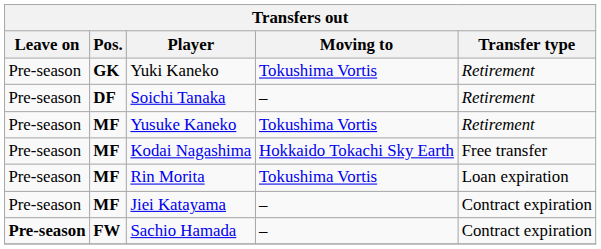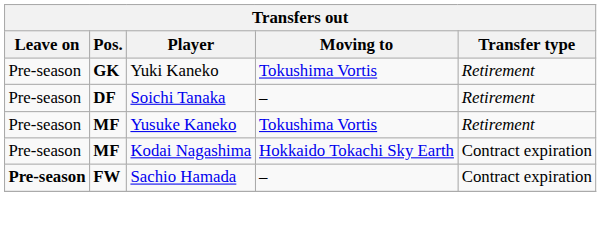 <table class="wikitable sortable" style=“text-align:left;>
 <tr>
 <th colspan="5">Transfers out</th>
 </tr>
 <tr>
 <th>Leave on</th>
 <th>Pos.</th>
 <th>Player</th>
 <th>Moving to</th>
 <th>Transfer type</th>
 </tr>
 <tr>
 <td>Pre-season</td>
 <td><strong>GK</strong></td>
 <td> Yuki Kaneko</td>
 <td> <a href='#'>Tokushima Vortis</a></td>
 <td><em>Retirement</em></td>
 </tr>
 <tr>
 <td>Pre-season</td>
 <td><strong>DF</strong></td>
 <td> <a href='#'>Soichi Tanaka</a></td>
 <td>–</td>
 <td><em>Retirement</em></td>
 </tr>
 <tr>
 <td>Pre-season</td>
 <td><strong>MF</strong></td>
 <td> <a href='#'>Yusuke Kaneko</a></td>
 <td> <a href='#'>Tokushima Vortis</a></td>
 <td><em>Retirement</em></td>
 </tr>
 <tr>
 <td>Pre-season</td>
 <td><strong>MF</strong></td>
 <td> <a href='#'>Kodai Nagashima</a></td>
 <td> <a href='#'>Hokkaido Tokachi Sky Earth</a></td>
-<td>Free transfer</td>
-</tr>
-<tr>
-<td>Pre-season</td>
-<td><strong>MF</strong></td>
-<td> <a href='#'>Rin Morita</a></td>
-<td> <a href='#'>Tokushima Vortis</a></td>
-<td>Loan expiration</td>
-</tr>
-<tr>
-<td>Pre-season</td>
-<td><strong>MF</strong></td>
-<td> <a href='#'>Jiei Katayama</a></td>
-<td>–</td>
 <td>Contract expiration</td>
 </tr>
 <tr>
 <td><strong>Pre-season</strong></td>
 <td><strong>FW</strong></td>
 <td> <a href='#'>Sachio Hamada</a></td>
 <td>–</td>
 <td>Contract expiration</td>
 </tr>
 <tr>
 </tr>
 </table>
